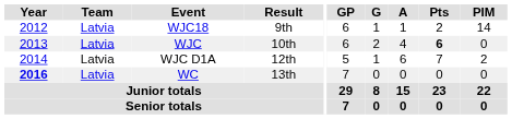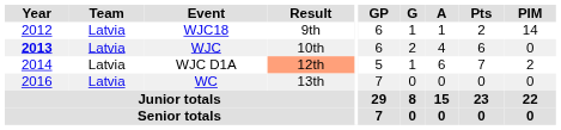 <table border="0" cellpadding="1" cellspacing="0" ID="Table3" style="text-align:center; width:40em">
 <tr ALIGN="center" bgcolor="#e0e0e0">
 <th>Year</th>
 <th>Team</th>
 <th>Event</th>
 <th>Result</th>
 <th rowspan="99" bgcolor="#ffffff"></th>
 <th>GP</th>
 <th>G</th>
 <th>A</th>
 <th>Pts</th>
 <th>PIM</th>
 </tr>
 <tr>
 <td><a href='#'>2012</a></td>
 <td><a href='#'>Latvia</a></td>
 <td><a href='#'>WJC18</a></td>
 <td>9th</td>
 <td>6</td>
 <td>1</td>
 <td>1</td>
 <td>2</td>
 <td>14</td>
 </tr>
 <tr bgcolor="#f0f0f0">
-<td><a href='#'>2013</a></td>
+<td><strong><a href='#'>2013</a></strong></td>
 <td><a href='#'>Latvia</a></td>
 <td><a href='#'>WJC</a></td>
 <td>10th</td>
 <td>6</td>
 <td>2</td>
 <td>4</td>
-<td><strong>6</strong></td>
+<td>6</td>
 <td>0</td>
 </tr>
 <tr>
 <td><a href='#'>2014</a></td>
 <td>Latvia</td>
 <td>WJC D1A</td>
-<td>12th</td>
+<td style="background: lightsalmon;">12th</td>
 <td>5</td>
 <td>1</td>
 <td>6</td>
 <td>7</td>
 <td>2</td>
 </tr>
 <tr bgcolor="#f0f0f0">
-<td><strong><a href='#'>2016</a></strong></td>
+<td><a href='#'>2016</a></td>
 <td><a href='#'>Latvia</a></td>
 <td><a href='#'>WC</a></td>
 <td>13th</td>
 <td>7</td>
 <td>0</td>
 <td>0</td>
 <td>0</td>
 <td>0</td>
 </tr>
 <tr bgcolor="#e0e0e0">
 <th colspan="4">Junior totals</th>
 <th>29</th>
 <th>8</th>
 <th>15</th>
 <th>23</th>
 <th>22</th>
 </tr>
 <tr bgcolor="#e0e0e0">
 <th colspan="4">Senior totals</th>
 <th>7</th>
 <th>0</th>
 <th>0</th>
 <th>0</th>
 <th>0</th>
 </tr>
 </table>
